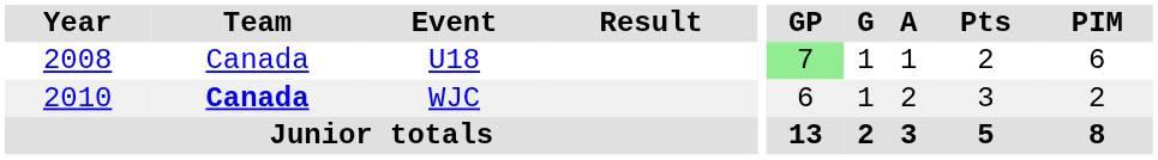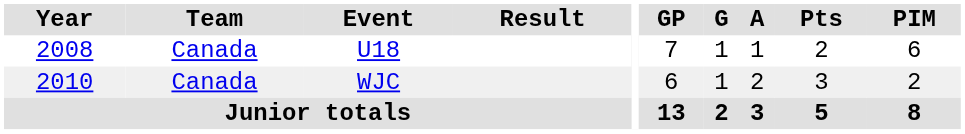 <table border="0" cellpadding="1" cellspacing="0" ID="Table3" style="text-align:center; width:40em">
 <tr ALIGN="center" bgcolor="#e0e0e0">
 <th>Year</th>
 <th>Team</th>
 <th>Event</th>
 <th>Result</th>
 <th rowspan="99" bgcolor="#ffffff"></th>
 <th>GP</th>
 <th>G</th>
 <th>A</th>
 <th>Pts</th>
 <th>PIM</th>
 </tr>
 <tr>
 <td><a href='#'>2008</a></td>
 <td><a href='#'>Canada</a></td>
 <td><a href='#'>U18</a></td>
 <td></td>
-<td style="background: lightgreen;">7</td>
+<td>7</td>
 <td>1</td>
 <td>1</td>
 <td>2</td>
 <td>6</td>
 </tr>
 <tr bgcolor="#f0f0f0">
 <td><a href='#'>2010</a></td>
-<td><strong><a href='#'>Canada</a></strong></td>
+<td><a href='#'>Canada</a></td>
 <td><a href='#'>WJC</a></td>
 <td></td>
 <td>6</td>
 <td>1</td>
 <td>2</td>
 <td>3</td>
 <td>2</td>
 </tr>
 <tr bgcolor="#e0e0e0">
 <th colspan=4>Junior totals</th>
 <th>13</th>
 <th>2</th>
 <th>3</th>
 <th>5</th>
 <th>8</th>
 </tr>
 </table>
